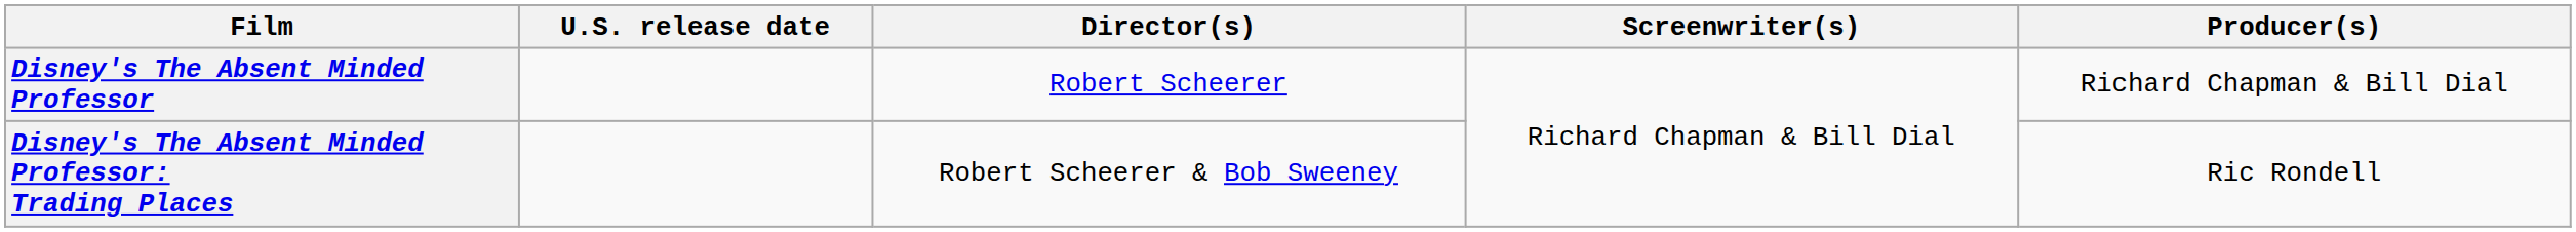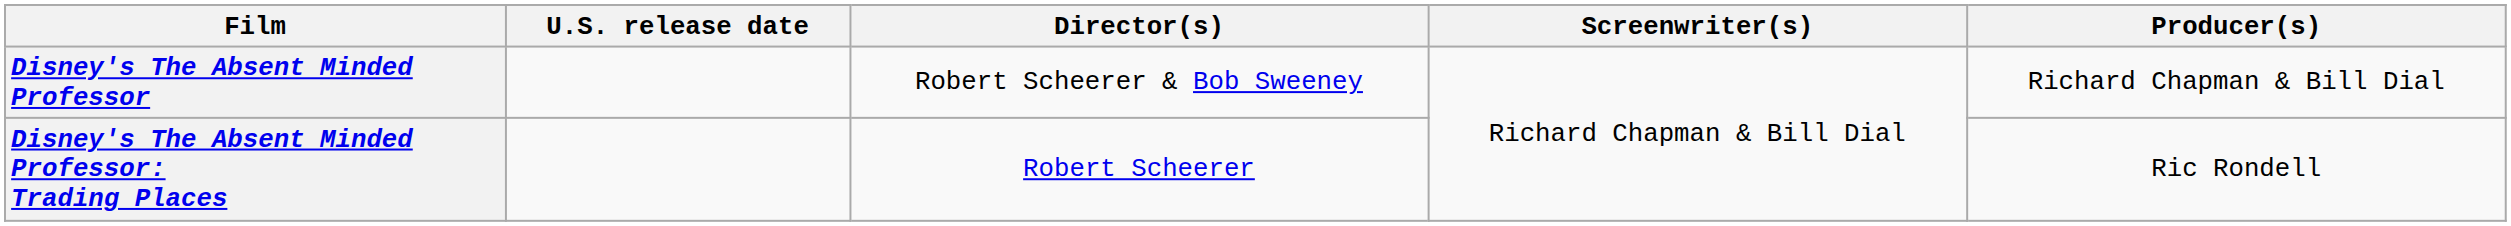 <table class="wikitable plainrowheaders" style="text-align:center" width=100%>
 <tr>
 <th scope="col" style="width:20%;">Film</th>
 <th scope="col">U.S. release date</th>
 <th scope="col">Director(s)</th>
 <th scope="col">Screenwriter(s)</th>
 <th scope="col">Producer(s)</th>
 </tr>
 <tr>
 <th scope="row" style="text-align:left"><em><a href='#'>Disney's The Absent Minded Professor</a></em></th>
 <td style="text-align:center"></td>
-<td><a href='#'>Robert Scheerer</a></td>
+<td>Robert Scheerer & <a href='#'>Bob Sweeney</a></td>
 <td rowspan="2">Richard Chapman & Bill Dial</td>
 <td>Richard Chapman & Bill Dial</td>
 </tr>
 <tr>
 <th scope="row" style="text-align:left"><em><a href='#'>Disney's The Absent Minded Professor: <br>Trading Places</a></em></th>
 <td style="text-align:center"></td>
-<td>Robert Scheerer & <a href='#'>Bob Sweeney</a></td>
+<td><a href='#'>Robert Scheerer</a></td>
 <td>Ric Rondell</td>
 </tr>
 </table>
